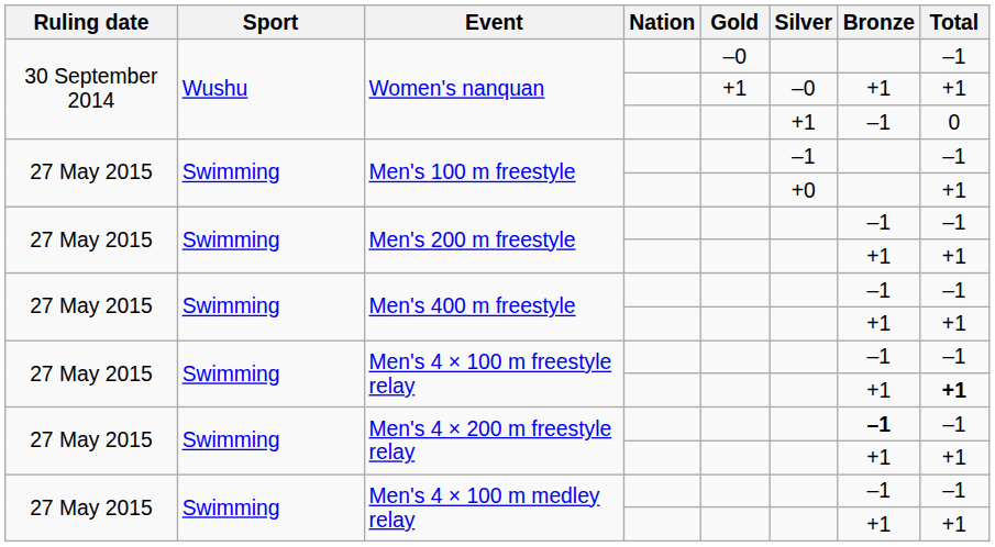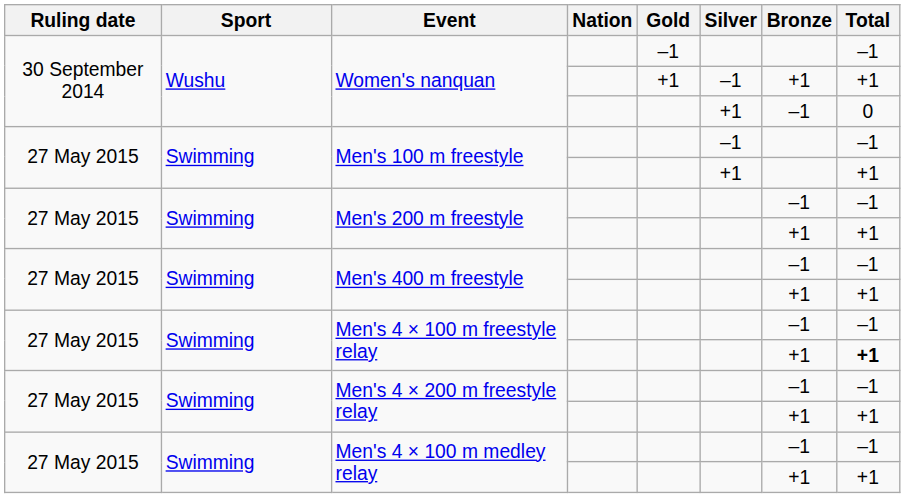 <table class="wikitable" style="text-align:center; font-size:90%;">
 <tr>
 <th scope="col" width="110">Ruling date</th>
 <th scope="col" width="120">Sport</th>
 <th scope="col" width="170">Event</th>
 <th scope="col" width="Philippines">Nation</th>
 <th scope="col" width="40">Gold</th>
 <th scope="col" width="40">Silver</th>
 <th scope="col" width="40">Bronze</th>
 <th scope="col" width="40">Total</th>
 </tr>
 <tr>
 <td rowspan=3>30 September 2014</td>
 <td rowspan=3 align=left><a href='#'>Wushu</a></td>
 <td rowspan=3 align=left><a href='#'>Women's nanquan</a></td>
 <td align=left></td>
-<td>–0</td>
+<td>–1</td>
 <td></td>
 <td></td>
 <td>–1</td>
 </tr>
 <tr>
 <td align=left></td>
 <td>+1</td>
-<td>–0</td>
+<td>–1</td>
 <td>+1</td>
 <td>+1</td>
 </tr>
 <tr>
 <td align=left></td>
 <td></td>
 <td>+1</td>
 <td>–1</td>
 <td>0</td>
 </tr>
 <tr>
 <td rowspan=2>27 May 2015</td>
 <td rowspan=2 align=left><a href='#'>Swimming</a></td>
 <td rowspan=2 align=left><a href='#'>Men's 100 m freestyle</a></td>
 <td align=left></td>
 <td></td>
 <td>–1</td>
 <td></td>
 <td>–1</td>
 </tr>
 <tr>
 <td align=left></td>
 <td></td>
-<td>+0</td>
+<td>+1</td>
 <td></td>
 <td>+1</td>
 </tr>
 <tr>
 <td rowspan=2>27 May 2015</td>
 <td rowspan=2 align=left><a href='#'>Swimming</a></td>
 <td rowspan=2 align=left><a href='#'>Men's 200 m freestyle</a></td>
 <td align=left></td>
 <td></td>
 <td></td>
 <td>–1</td>
 <td>–1</td>
 </tr>
 <tr>
 <td align=left></td>
 <td></td>
 <td></td>
 <td>+1</td>
 <td>+1</td>
 </tr>
 <tr>
 <td rowspan=2>27 May 2015</td>
 <td rowspan=2 align=left><a href='#'>Swimming</a></td>
 <td rowspan=2 align=left><a href='#'>Men's 400 m freestyle</a></td>
 <td align=left></td>
 <td></td>
 <td></td>
 <td>–1</td>
 <td>–1</td>
 </tr>
 <tr>
 <td align=left></td>
 <td></td>
 <td></td>
 <td>+1</td>
 <td>+1</td>
 </tr>
 <tr>
 <td rowspan=2>27 May 2015</td>
 <td rowspan=2 align=left><a href='#'>Swimming</a></td>
 <td rowspan=2 align=left><a href='#'>Men's 4 × 100 m freestyle relay</a></td>
 <td align=left></td>
 <td></td>
 <td></td>
 <td>–1</td>
 <td>–1</td>
 </tr>
 <tr>
 <td align=left></td>
 <td></td>
 <td></td>
 <td>+1</td>
 <td><strong>+1</strong></td>
 </tr>
 <tr>
 <td rowspan=2>27 May 2015</td>
 <td rowspan=2 align=left><a href='#'>Swimming</a></td>
 <td rowspan=2 align=left><a href='#'>Men's 4 × 200 m freestyle relay</a></td>
 <td align=left></td>
 <td></td>
 <td></td>
-<td><strong>–1</strong></td>
+<td>–1</td>
 <td>–1</td>
 </tr>
 <tr>
 <td align=left></td>
 <td></td>
 <td></td>
 <td>+1</td>
 <td>+1</td>
 </tr>
 <tr>
 <td rowspan=2>27 May 2015</td>
 <td rowspan=2 align=left><a href='#'>Swimming</a></td>
 <td rowspan=2 align=left><a href='#'>Men's 4 × 100 m medley relay</a></td>
 <td align=left></td>
 <td></td>
 <td></td>
 <td>–1</td>
 <td>–1</td>
 </tr>
 <tr>
 <td align=left></td>
 <td></td>
 <td></td>
 <td>+1</td>
 <td>+1</td>
 </tr>
 </table>
